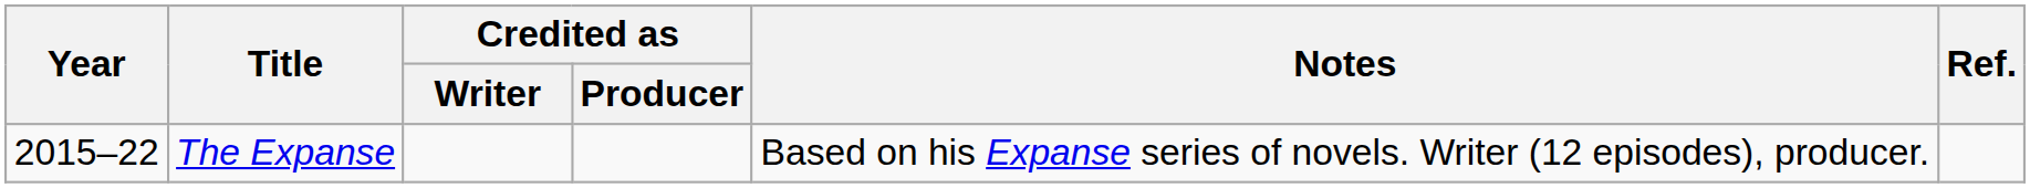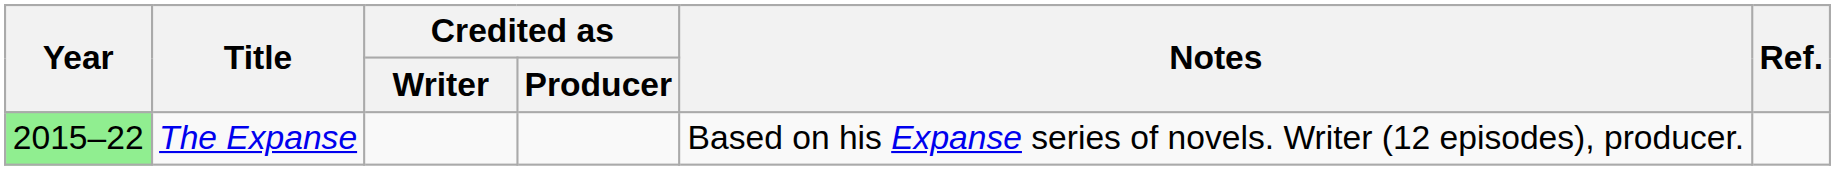 <table class="wikitable" style="text-align:center; margin-right:auto; margin-right:auto">
 <tr>
 <th rowspan="2">Year</th>
 <th rowspan="2">Title</th>
 <th colspan="2">Credited as</th>
 <th rowspan="2">Notes</th>
 <th rowspan="2">Ref.</th>
 </tr>
 <tr>
 <th width="65">Writer</th>
 <th width="65">Producer</th>
 </tr>
 <tr>
-<td>2015–22</td>
+<td style="background: lightgreen;">2015–22</td>
 <td align="left"><em><a href='#'>The Expanse</a></em></td>
 <td></td>
 <td></td>
 <td align="left">Based on his <em><a href='#'>Expanse</a></em> series of novels. Writer (12 episodes), producer.</td>
 <td></td>
 </tr>
 </table>
